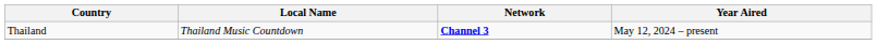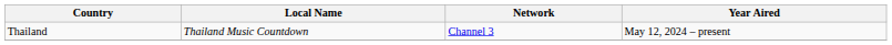 <table class=wikitable font-size:100% style="width:100%">
 <tr>
 <th width="20%">Country</th>
 <th width="30%">Local Name</th>
 <th width="20%">Network</th>
 <th width="30%">Year Aired</th>
 </tr>
 <tr>
 <td>Thailand</td>
 <td><em>Thailand Music Countdown</em></td>
-<td><strong><a href='#'>Channel 3</a></strong></td>
+<td><a href='#'>Channel 3</a></td>
 <td>May 12, 2024 – present</td>
 </tr>
 <tr>
 </tr>
 </table>
